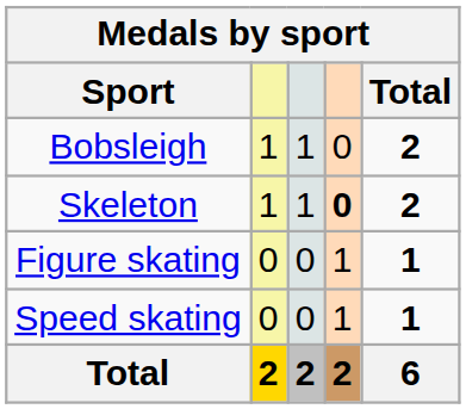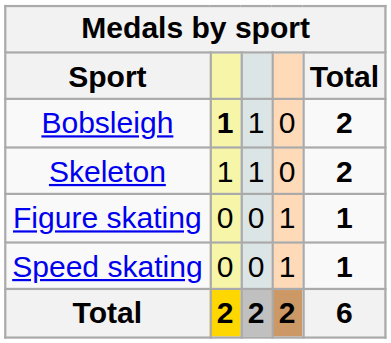 <table class=wikitable style=font-size:85%;float:right;text-align:center>
 <tr>
 <th colspan=5>Medals by sport</th>
 </tr>
 <tr>
 <th>Sport</th>
 <td bgcolor=F7F6A8></td>
 <td bgcolor=DCE5E5></td>
 <td bgcolor=FFDAB9></td>
 <th>Total</th>
 </tr>
 <tr>
 <td><a href='#'>Bobsleigh</a></td>
-<td bgcolor=F7F6A8>1</td>
+<td bgcolor=F7F6A8><strong>1</strong></td>
 <td bgcolor=DCE5E5>1</td>
 <td bgcolor=FFDAB9>0</td>
 <td><strong>2</strong></td>
 </tr>
 <tr>
 <td><a href='#'>Skeleton</a></td>
 <td bgcolor=F7F6A8>1</td>
 <td bgcolor=DCE5E5>1</td>
-<td bgcolor=FFDAB9><strong>0</strong></td>
+<td bgcolor=FFDAB9>0</td>
 <td><strong>2</strong></td>
 </tr>
 <tr>
 <td><a href='#'>Figure skating</a></td>
 <td bgcolor=F7F6A8>0</td>
 <td bgcolor=DCE5E5>0</td>
 <td bgcolor=FFDAB9>1</td>
 <td><strong>1</strong></td>
 </tr>
 <tr>
 <td><a href='#'>Speed skating</a></td>
 <td bgcolor=F7F6A8>0</td>
 <td bgcolor=DCE5E5>0</td>
 <td bgcolor=FFDAB9>1</td>
 <td><strong>1</strong></td>
 </tr>
 <tr>
 <th>Total</th>
 <th style=background:gold>2</th>
 <th style=background:silver>2</th>
 <th style=background:#c96>2</th>
 <th>6</th>
 </tr>
 </table>
